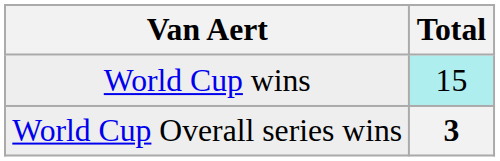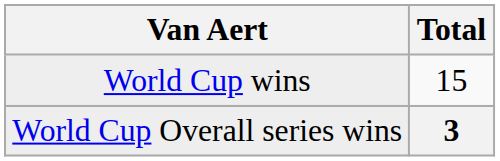 <table class="wikitable plainrowheaders">
 <tr>
 <th scope="col">Van Aert</th>
 <th scope="col">Total</th>
 </tr>
 <tr style="text-align:center;">
 <td style="background:#eeeeee"><a href='#'>World Cup</a> wins</td>
-<td style="background: paleturquoise;">15</td>
+<td>15</td>
 </tr>
 <tr style="text-align:center;">
 <td style="background:#eeeeee"><a href='#'>World Cup</a> Overall series wins</td>
 <th>3</th>
 </tr>
 </table>
